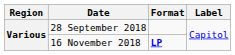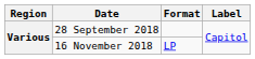 <table class="wikitable plainrowheaders">
 <tr>
 <th scope="col">Region</th>
 <th scope="col">Date</th>
 <th scope="col">Format</th>
 <th scope="col">Label</th>
 </tr>
 <tr>
 <th scope="row" rowspan="2">Various</th>
 <td>28 September 2018</td>
 <td></td>
 <td rowspan="2"><a href='#'>Capitol</a></td>
 </tr>
 <tr>
 <td>16 November 2018</td>
-<td><strong><a href='#'>LP</a></strong></td>
+<td><a href='#'>LP</a></td>
 </tr>
 </table>
